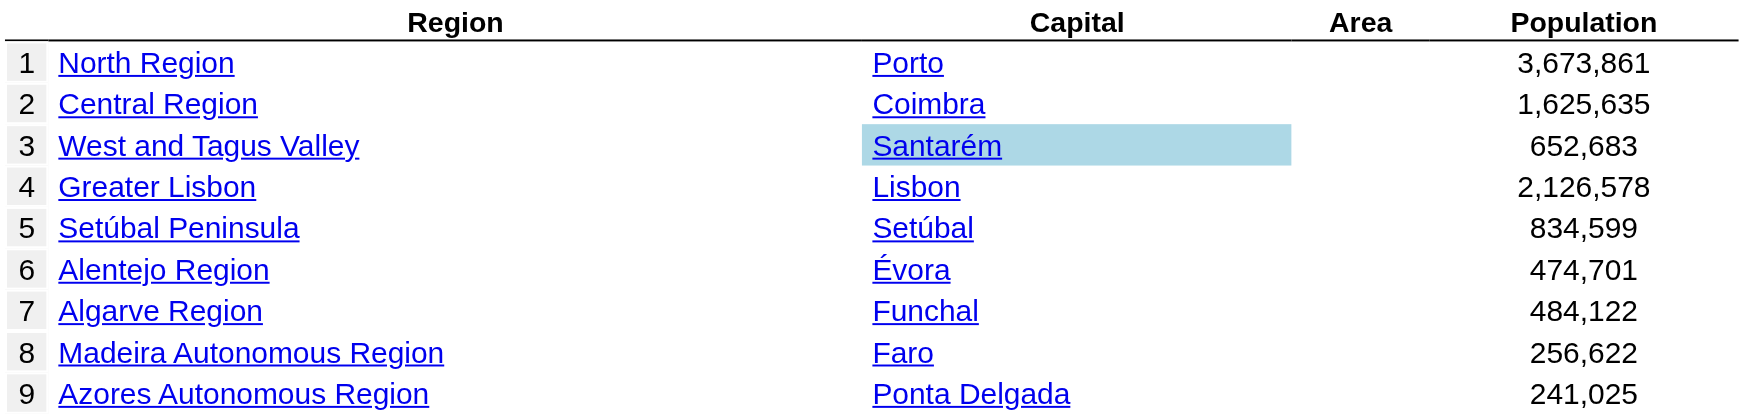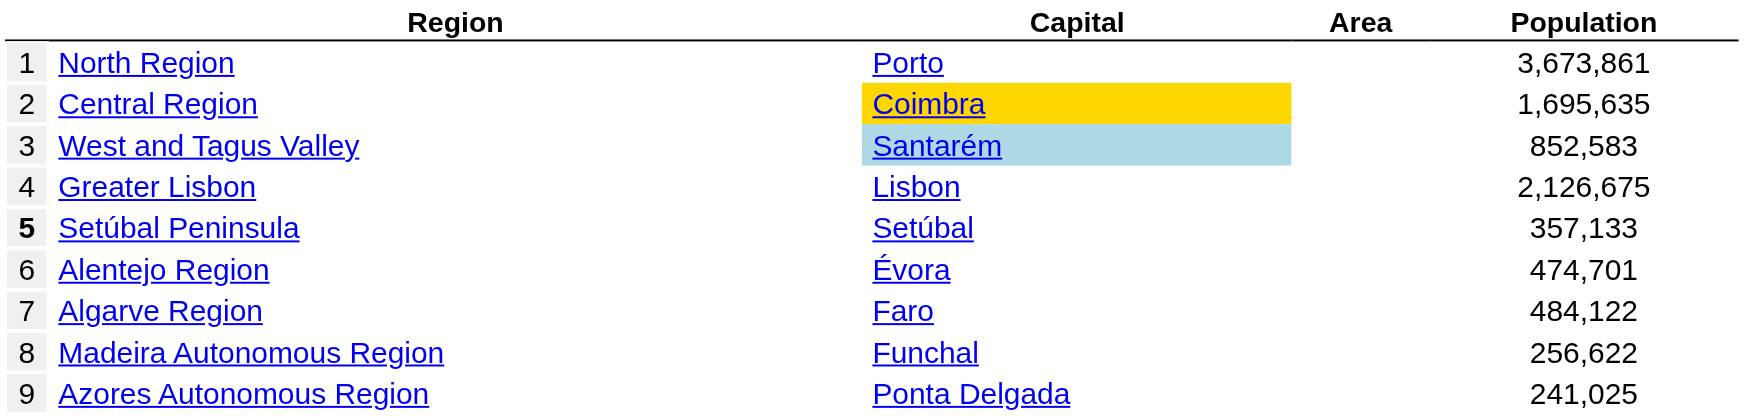 <table class="toccolours" style="width:100%; margin:auto; margin:1px; text-align:center; border-spacing:0; font-size:95%;">
 <tr style="font-size:95%; width:15%; background:white;">
 <th style="border-bottom:1px solid black;"> </th>
 <th style="border-bottom:1px solid black;">Region</th>
 <th style="border-bottom:1px solid black;">Capital</th>
 <th style="border-bottom:1px solid black;">Area</th>
 <th style="border-bottom:1px solid black;">Population</th>
 <td style="text-align:center;" rowspan="10"><br>         </td>
 </tr>
 <tr>
 <td style="width:2.5%; background:#f0f0f0; border:1px solid white">1</td>
 <td style="text-align:left; padding-left:5px;"><a href='#'>North Region</a></td>
 <td style="text-align:left; padding-left:5px;"><a href='#'>Porto</a></td>
 <td></td>
 <td>3,673,861</td>
 </tr>
 <tr>
 <td style="width:2.5%; background:#f0f0f0; border:1px solid white">2</td>
 <td style="text-align:left; padding-left:5px;"><a href='#'>Central Region</a></td>
-<td style="text-align:left; padding-left:5px;"><a href='#'>Coimbra</a></td>
+<td style="background: gold; text-align:left; padding-left:5px;"><a href='#'>Coimbra</a></td>
 <td></td>
-<td>1,625,635</td>
+<td>1,695,635</td>
 </tr>
 <tr>
 <td style="width:2.5%; background:#f0f0f0; border:1px solid white">3</td>
 <td style="text-align:left; padding-left:5px;"><a href='#'>West and Tagus Valley</a></td>
 <td style="background: lightblue; text-align:left; padding-left:5px;"><a href='#'>Santarém</a></td>
 <td></td>
-<td>652,683</td>
+<td>852,583</td>
 </tr>
 <tr>
 <td style="width:2.5%; background:#f0f0f0; border:1px solid white">4</td>
 <td style="text-align:left; padding-left:5px;"><a href='#'>Greater Lisbon</a></td>
 <td style="text-align:left; padding-left:5px;"><a href='#'>Lisbon</a></td>
 <td></td>
-<td>2,126,578</td>
+<td>2,126,675</td>
 </tr>
 <tr>
-<td style="width:2.5%; background:#f0f0f0; border:1px solid white">5</td>
+<td style="width:2.5%; background:#f0f0f0; border:1px solid white"><strong>5</strong></td>
 <td style="text-align:left; padding-left:5px;"><a href='#'>Setúbal Peninsula</a></td>
 <td style="text-align:left; padding-left:5px;"><a href='#'>Setúbal</a></td>
 <td></td>
-<td>834,599</td>
+<td>357,133</td>
 </tr>
 <tr>
 <td style="width:2.5%; background:#f0f0f0; border:1px solid white">6</td>
 <td style="text-align:left; padding-left:5px;"><a href='#'>Alentejo Region</a></td>
 <td style="text-align:left; padding-left:5px;"><a href='#'>Évora</a></td>
 <td></td>
 <td>474,701</td>
 </tr>
 <tr>
 <td style="width:2.5%; background:#f0f0f0; border:1px solid white">7</td>
 <td style="text-align:left; padding-left:5px;"><a href='#'>Algarve Region</a></td>
-<td style="text-align:left; padding-left:5px;"><a href='#'>Funchal</a></td>
+<td style="text-align:left; padding-left:5px;"><a href='#'>Faro</a></td>
 <td></td>
 <td>484,122</td>
 </tr>
 <tr>
 <td style="width:2.5%; background:#f0f0f0; border:1px solid white">8</td>
 <td style="text-align:left; padding-left:5px;"><a href='#'>Madeira Autonomous Region</a></td>
-<td style="text-align:left; padding-left:5px;"><a href='#'>Faro</a></td>
+<td style="text-align:left; padding-left:5px;"><a href='#'>Funchal</a></td>
 <td></td>
 <td>256,622</td>
 </tr>
 <tr>
 <td style="width:2.5%; background:#f0f0f0; border:1px solid white">9</td>
 <td style="text-align:left; padding-left:5px;"><a href='#'>Azores Autonomous Region</a></td>
 <td style="text-align:left; padding-left:5px;"><a href='#'>Ponta Delgada</a></td>
 <td></td>
 <td>241,025</td>
 </tr>
 </table>
